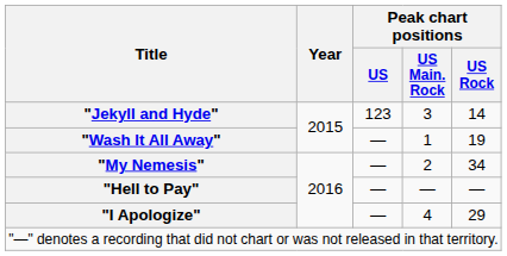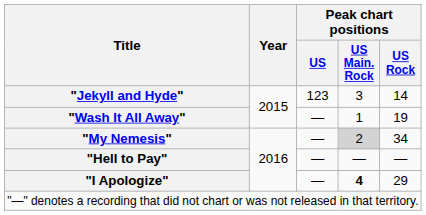 <table class="wikitable plainrowheaders" style="text-align:center;">
 <tr>
 <th scope="col" rowspan="2" style="width:18em;">Title</th>
 <th scope="col" rowspan="2">Year</th>
 <th scope="col" colspan="8">Peak chart positions</th>
 </tr>
 <tr>
 <th scope="col" style="width:3em;font-size:90%;"><a href='#'>US</a><br></th>
 <th scope="col" style="width:3em;font-size:90%;"><a href='#'>US<br>Main.<br>Rock</a><br></th>
 <th scope="col" style="width:3em;font-size:90%;"><a href='#'>US<br>Rock</a><br></th>
 </tr>
 <tr>
 <th scope="row">"<a href='#'>Jekyll and Hyde</a>"</th>
 <td rowspan="2">2015</td>
 <td>123</td>
 <td>3</td>
 <td>14</td>
 </tr>
 <tr>
 <th scope="row">"<a href='#'>Wash It All Away</a>"</th>
 <td>—</td>
 <td>1</td>
 <td>19</td>
 </tr>
 <tr>
 <th scope="row">"<a href='#'>My Nemesis</a>"</th>
 <td rowspan="3">2016</td>
 <td>—</td>
-<td>2</td>
+<td style="background: lightgrey;">2</td>
 <td>34</td>
 </tr>
 <tr>
 <th scope="row">"Hell to Pay"</th>
 <td>—</td>
 <td>—</td>
 <td>—</td>
 </tr>
 <tr>
 <th scope="row">"I Apologize"</th>
 <td>—</td>
-<td>4</td>
+<td><strong>4</strong></td>
 <td>29</td>
 </tr>
 <tr>
 <td colspan="6" style="font-size:90%">"—" denotes a recording that did not chart or was not released in that territory.</td>
 </tr>
 </table>
